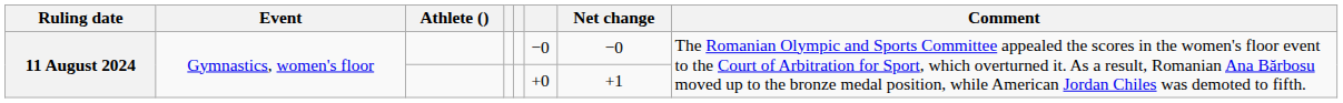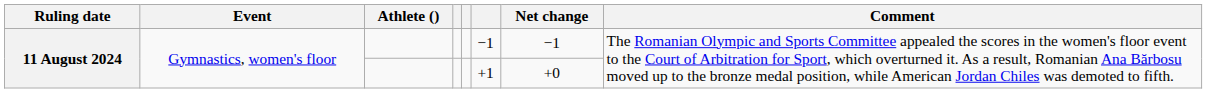 <table class="wikitable" style="text-align:center;">
 <tr>
 <th scope="col">Ruling date</th>
 <th scope="col">Event</th>
 <th scope="col">Athlete ()</th>
 <th scope="col"></th>
 <th scope="col"></th>
 <th scope="col"></th>
 <th scope="col">Net change</th>
 <th scope="col" style="width:50%">Comment</th>
 </tr>
 <tr>
 <th scope="rowgroup" rowspan="2">11 August 2024</th>
 <td rowspan="2"><a href='#'>Gymnastics</a>, <a href='#'>women's floor</a></td>
 <td align=left></td>
 <td></td>
 <td></td>
-<td>−0</td>
-<td>−0</td>
+<td>−1</td>
+<td>−1</td>
 <td rowspan=2 style="text-align:left">The <a href='#'>Romanian Olympic and Sports Committee</a> appealed the scores in the women's floor event to the <a href='#'>Court of Arbitration for Sport</a>, which overturned it. As a result, Romanian <a href='#'>Ana Bărbosu</a> moved up to the bronze medal position, while American <a href='#'>Jordan Chiles</a> was demoted to fifth.</td>
 </tr>
 <tr>
 <td align=left></td>
 <td></td>
 <td></td>
+<td>+1</td>
 <td>+0</td>
-<td>+1</td>
 </tr>
 </table>
